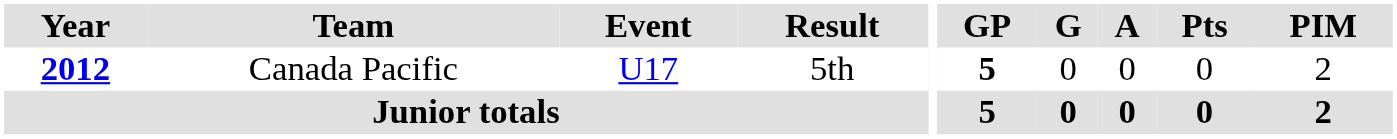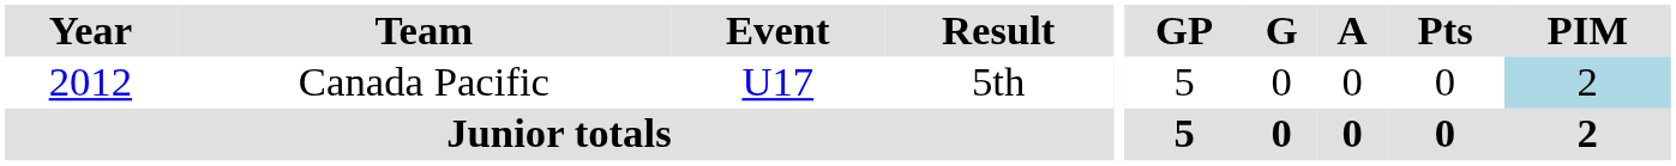 <table border="0" cellpadding="1" cellspacing="0" ID="Table3" style="text-align:center; width:40em">
 <tr ALIGN="center" bgcolor="#e0e0e0">
 <th>Year</th>
 <th>Team</th>
 <th>Event</th>
 <th>Result</th>
 <th rowspan="99" bgcolor="#ffffff"></th>
 <th>GP</th>
 <th>G</th>
 <th>A</th>
 <th>Pts</th>
 <th>PIM</th>
 </tr>
 <tr>
-<td><strong><a href='#'>2012</a></strong></td>
+<td><a href='#'>2012</a></td>
 <td>Canada Pacific</td>
 <td><a href='#'>U17</a></td>
 <td>5th</td>
-<td><strong>5</strong></td>
+<td>5</td>
 <td>0</td>
 <td>0</td>
 <td>0</td>
-<td>2</td>
+<td style="background: lightblue;">2</td>
 </tr>
 <tr bgcolor="#e0e0e0">
 <th colspan="4">Junior totals</th>
 <th>5</th>
 <th>0</th>
 <th>0</th>
 <th>0</th>
 <th>2</th>
 </tr>
 </table>
